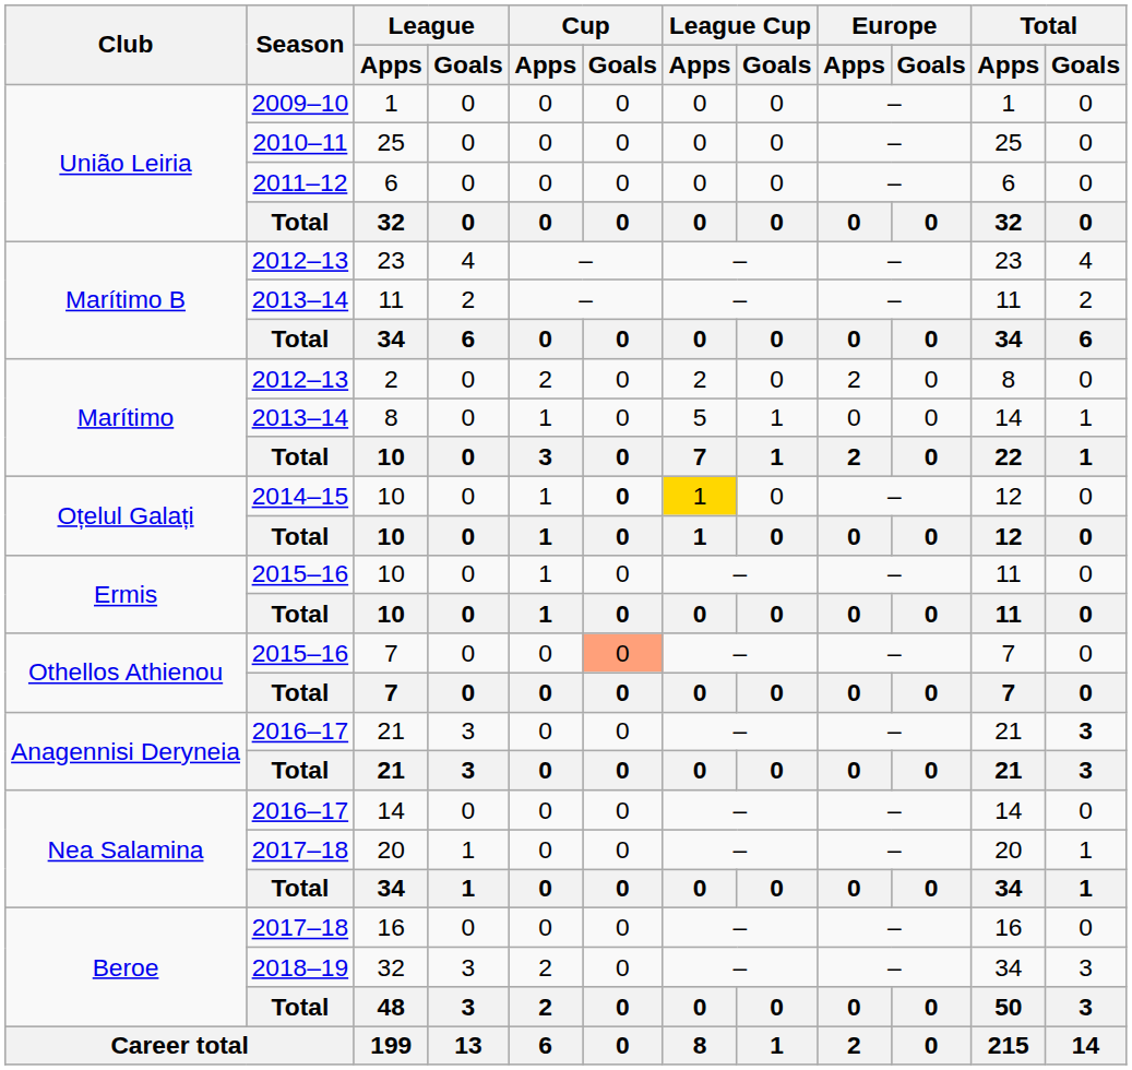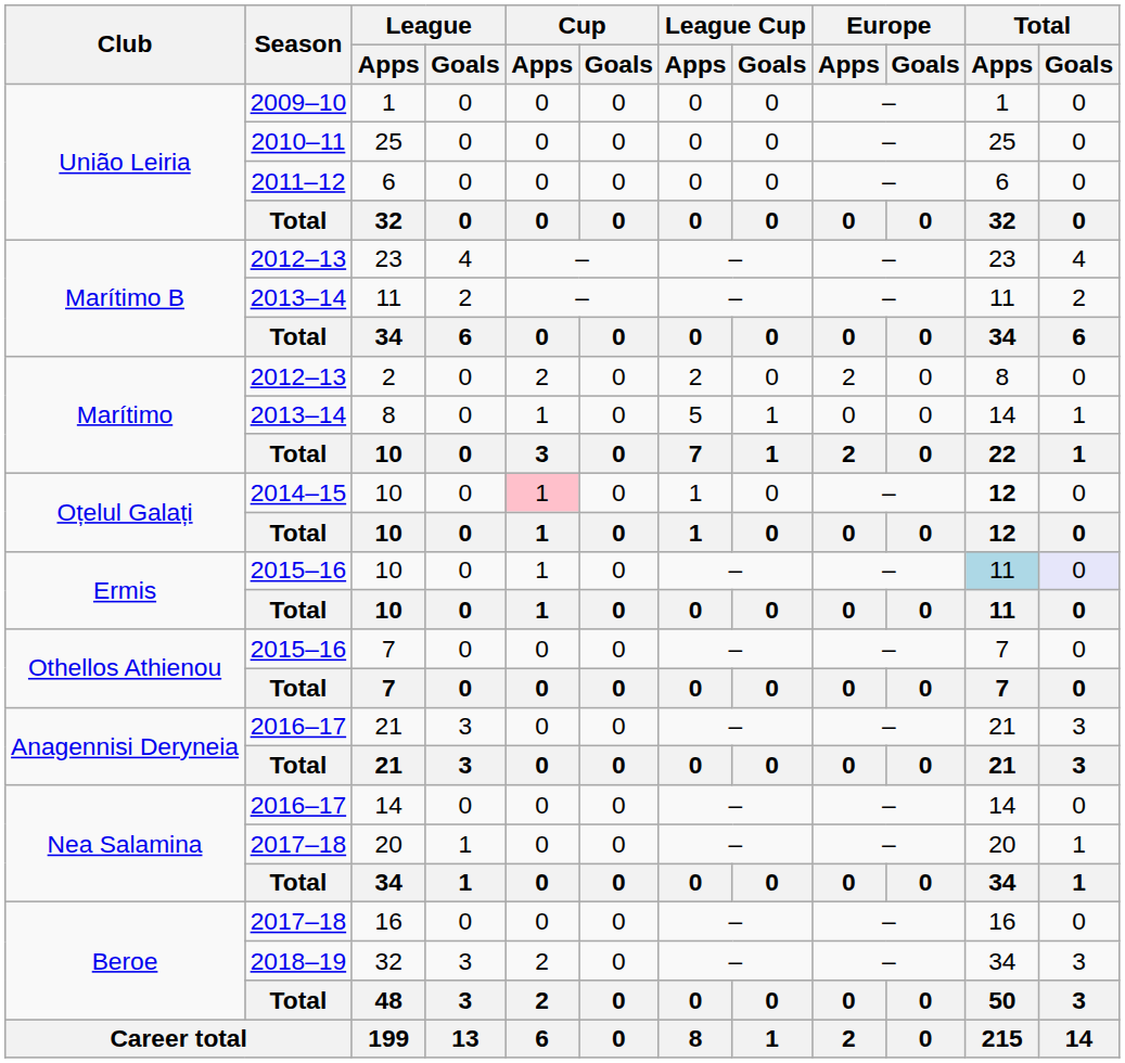 <table class="wikitable" style="font-size:90%; text-align: center">
 <tr>
 <th rowspan="2">Club</th>
 <th rowspan="2">Season</th>
 <th colspan="2">League</th>
 <th colspan="2">Cup</th>
 <th colspan="2">League Cup</th>
 <th colspan="2">Europe</th>
 <th colspan="2">Total</th>
 </tr>
 <tr>
 <th>Apps</th>
 <th>Goals</th>
 <th>Apps</th>
 <th>Goals</th>
 <th>Apps</th>
 <th>Goals</th>
 <th>Apps</th>
 <th>Goals</th>
 <th>Apps</th>
 <th>Goals</th>
 </tr>
 <tr>
 <td rowspan=4><a href='#'>União Leiria</a></td>
 <td><a href='#'>2009–10</a></td>
 <td>1</td>
 <td>0</td>
 <td>0</td>
 <td>0</td>
 <td>0</td>
 <td>0</td>
 <td colspan="2">–</td>
 <td>1</td>
 <td>0</td>
 </tr>
 <tr>
 <td><a href='#'>2010–11</a></td>
 <td>25</td>
 <td>0</td>
 <td>0</td>
 <td>0</td>
 <td>0</td>
 <td>0</td>
 <td colspan="2">–</td>
 <td>25</td>
 <td>0</td>
 </tr>
 <tr>
 <td><a href='#'>2011–12</a></td>
 <td>6</td>
 <td>0</td>
 <td>0</td>
 <td>0</td>
 <td>0</td>
 <td>0</td>
 <td colspan="2">–</td>
 <td>6</td>
 <td>0</td>
 </tr>
 <tr>
 <th colspan=1>Total</th>
 <th>32</th>
 <th>0</th>
 <th>0</th>
 <th>0</th>
 <th>0</th>
 <th>0</th>
 <th>0</th>
 <th>0</th>
 <th>32</th>
 <th>0</th>
 </tr>
 <tr>
 <td rowspan=3><a href='#'>Marítimo B</a></td>
 <td><a href='#'>2012–13</a></td>
 <td>23</td>
 <td>4</td>
 <td colspan="2">–</td>
 <td colspan="2">–</td>
 <td colspan="2">–</td>
 <td>23</td>
 <td>4</td>
 </tr>
 <tr>
 <td><a href='#'>2013–14</a></td>
 <td>11</td>
 <td>2</td>
 <td colspan="2">–</td>
 <td colspan="2">–</td>
 <td colspan="2">–</td>
 <td>11</td>
 <td>2</td>
 </tr>
 <tr>
 <th colspan=1>Total</th>
 <th>34</th>
 <th>6</th>
 <th>0</th>
 <th>0</th>
 <th>0</th>
 <th>0</th>
 <th>0</th>
 <th>0</th>
 <th>34</th>
 <th>6</th>
 </tr>
 <tr>
 <td rowspan=3><a href='#'>Marítimo</a></td>
 <td><a href='#'>2012–13</a></td>
 <td>2</td>
 <td>0</td>
 <td>2</td>
 <td>0</td>
 <td>2</td>
 <td>0</td>
 <td>2</td>
 <td>0</td>
 <td>8</td>
 <td>0</td>
 </tr>
 <tr>
 <td><a href='#'>2013–14</a></td>
 <td>8</td>
 <td>0</td>
 <td>1</td>
 <td>0</td>
 <td>5</td>
 <td>1</td>
 <td>0</td>
 <td>0</td>
 <td>14</td>
 <td>1</td>
 </tr>
 <tr>
 <th colspan=1>Total</th>
 <th>10</th>
 <th>0</th>
 <th>3</th>
 <th>0</th>
 <th>7</th>
 <th>1</th>
 <th>2</th>
 <th>0</th>
 <th>22</th>
 <th>1</th>
 </tr>
 <tr>
 <td rowspan=2><a href='#'>Oțelul Galați</a></td>
 <td><a href='#'>2014–15</a></td>
 <td>10</td>
 <td>0</td>
+<td style="background: pink;">1</td>
+<td>0</td>
 <td>1</td>
-<td><strong>0</strong></td>
-<td style="background: gold;">1</td>
 <td>0</td>
 <td colspan="2">–</td>
-<td>12</td>
+<td><strong>12</strong></td>
 <td>0</td>
 </tr>
 <tr>
 <th colspan=1>Total</th>
 <th>10</th>
 <th>0</th>
 <th>1</th>
 <th>0</th>
 <th>1</th>
 <th>0</th>
 <th>0</th>
 <th>0</th>
 <th>12</th>
 <th>0</th>
 </tr>
 <tr>
 <td rowspan=2><a href='#'>Ermis</a></td>
 <td><a href='#'>2015–16</a></td>
 <td>10</td>
 <td>0</td>
 <td>1</td>
 <td>0</td>
 <td colspan="2">–</td>
 <td colspan="2">–</td>
-<td>11</td>
-<td>0</td>
+<td style="background: lightblue;">11</td>
+<td style="background: lavender;">0</td>
 </tr>
 <tr>
 <th colspan=1>Total</th>
 <th>10</th>
 <th>0</th>
 <th>1</th>
 <th>0</th>
 <th>0</th>
 <th>0</th>
 <th>0</th>
 <th>0</th>
 <th>11</th>
 <th>0</th>
 </tr>
 <tr>
 <td rowspan=2><a href='#'>Othellos Athienou</a></td>
 <td><a href='#'>2015–16</a></td>
 <td>7</td>
 <td>0</td>
 <td>0</td>
-<td style="background: lightsalmon;">0</td>
+<td>0</td>
 <td colspan="2">–</td>
 <td colspan="2">–</td>
 <td>7</td>
 <td>0</td>
 </tr>
 <tr>
 <th colspan=1>Total</th>
 <th>7</th>
 <th>0</th>
 <th>0</th>
 <th>0</th>
 <th>0</th>
 <th>0</th>
 <th>0</th>
 <th>0</th>
 <th>7</th>
 <th>0</th>
 </tr>
 <tr>
 <td rowspan=2><a href='#'>Anagennisi Deryneia</a></td>
 <td><a href='#'>2016–17</a></td>
 <td>21</td>
 <td>3</td>
 <td>0</td>
 <td>0</td>
 <td colspan="2">–</td>
 <td colspan="2">–</td>
 <td>21</td>
-<td><strong>3</strong></td>
+<td>3</td>
 </tr>
 <tr>
 <th colspan=1>Total</th>
 <th>21</th>
 <th>3</th>
 <th>0</th>
 <th>0</th>
 <th>0</th>
 <th>0</th>
 <th>0</th>
 <th>0</th>
 <th>21</th>
 <th>3</th>
 </tr>
 <tr>
 <td rowspan=3><a href='#'>Nea Salamina</a></td>
 <td><a href='#'>2016–17</a></td>
 <td>14</td>
 <td>0</td>
 <td>0</td>
 <td>0</td>
 <td colspan="2">–</td>
 <td colspan="2">–</td>
 <td>14</td>
 <td>0</td>
 </tr>
 <tr>
 <td><a href='#'>2017–18</a></td>
 <td>20</td>
 <td>1</td>
 <td>0</td>
 <td>0</td>
 <td colspan="2">–</td>
 <td colspan="2">–</td>
 <td>20</td>
 <td>1</td>
 </tr>
 <tr>
 <th colspan=1>Total</th>
 <th>34</th>
 <th>1</th>
 <th>0</th>
 <th>0</th>
 <th>0</th>
 <th>0</th>
 <th>0</th>
 <th>0</th>
 <th>34</th>
 <th>1</th>
 </tr>
 <tr>
 <td rowspan=3><a href='#'>Beroe</a></td>
 <td><a href='#'>2017–18</a></td>
 <td>16</td>
 <td>0</td>
 <td>0</td>
 <td>0</td>
 <td colspan="2">–</td>
 <td colspan="2">–</td>
 <td>16</td>
 <td>0</td>
 </tr>
 <tr>
 <td><a href='#'>2018–19</a></td>
 <td>32</td>
 <td>3</td>
 <td>2</td>
 <td>0</td>
 <td colspan="2">–</td>
 <td colspan="2">–</td>
 <td>34</td>
 <td>3</td>
 </tr>
 <tr>
 <th colspan=1>Total</th>
 <th>48</th>
 <th>3</th>
 <th>2</th>
 <th>0</th>
 <th>0</th>
 <th>0</th>
 <th>0</th>
 <th>0</th>
 <th>50</th>
 <th>3</th>
 </tr>
 <tr>
 <th colspan=2>Career total</th>
 <th>199</th>
 <th>13</th>
 <th>6</th>
 <th>0</th>
 <th>8</th>
 <th>1</th>
 <th>2</th>
 <th>0</th>
 <th>215</th>
 <th>14</th>
 </tr>
 </table>
